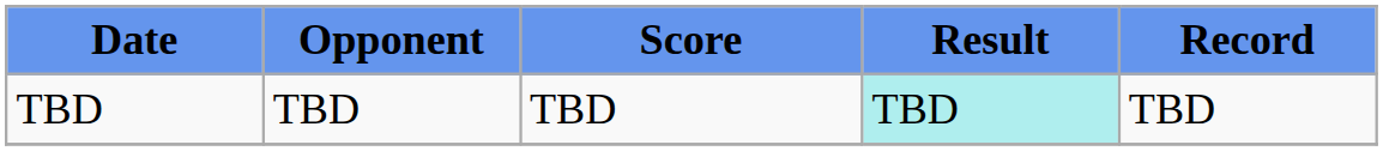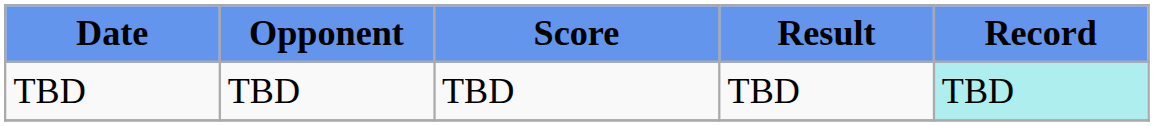 <table class="wikitable sortable sortable">
 <tr>
 <th style="background:#6495ED;" width="15%">Date</th>
 <th style="background:#6495ED;" width="15%">Opponent</th>
 <th style="background:#6495ED;" width="20%">Score</th>
 <th style="background:#6495ED;" width="15%">Result</th>
 <th style="background:#6495ED;" width="15%">Record</th>
 </tr>
 <tr>
 <td>TBD</td>
 <td>TBD</td>
 <td>TBD</td>
+<td>TBD</td>
 <td style="background: paleturquoise;">TBD</td>
-<td>TBD</td>
 </tr>
 <tr>
 </tr>
 </table>
